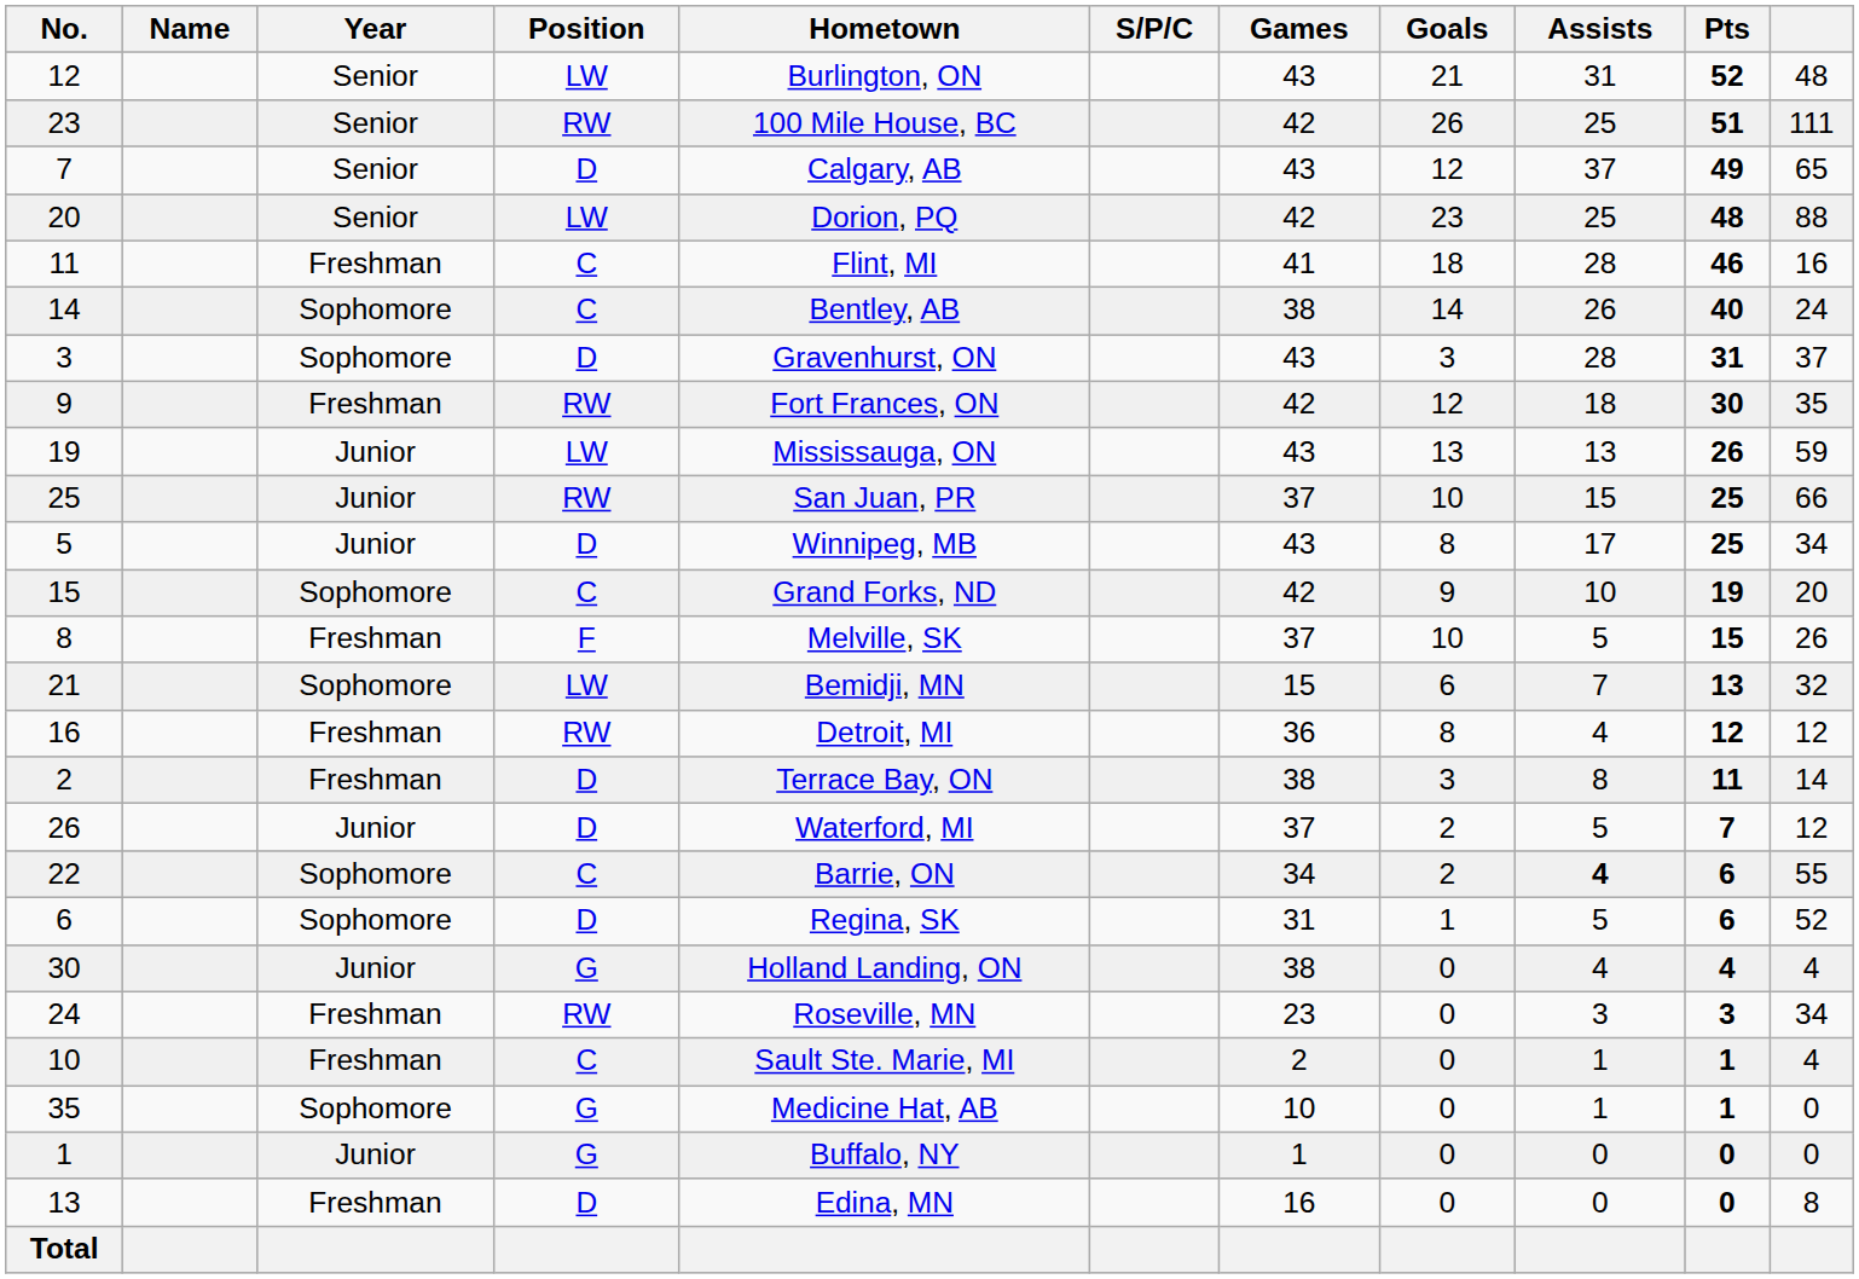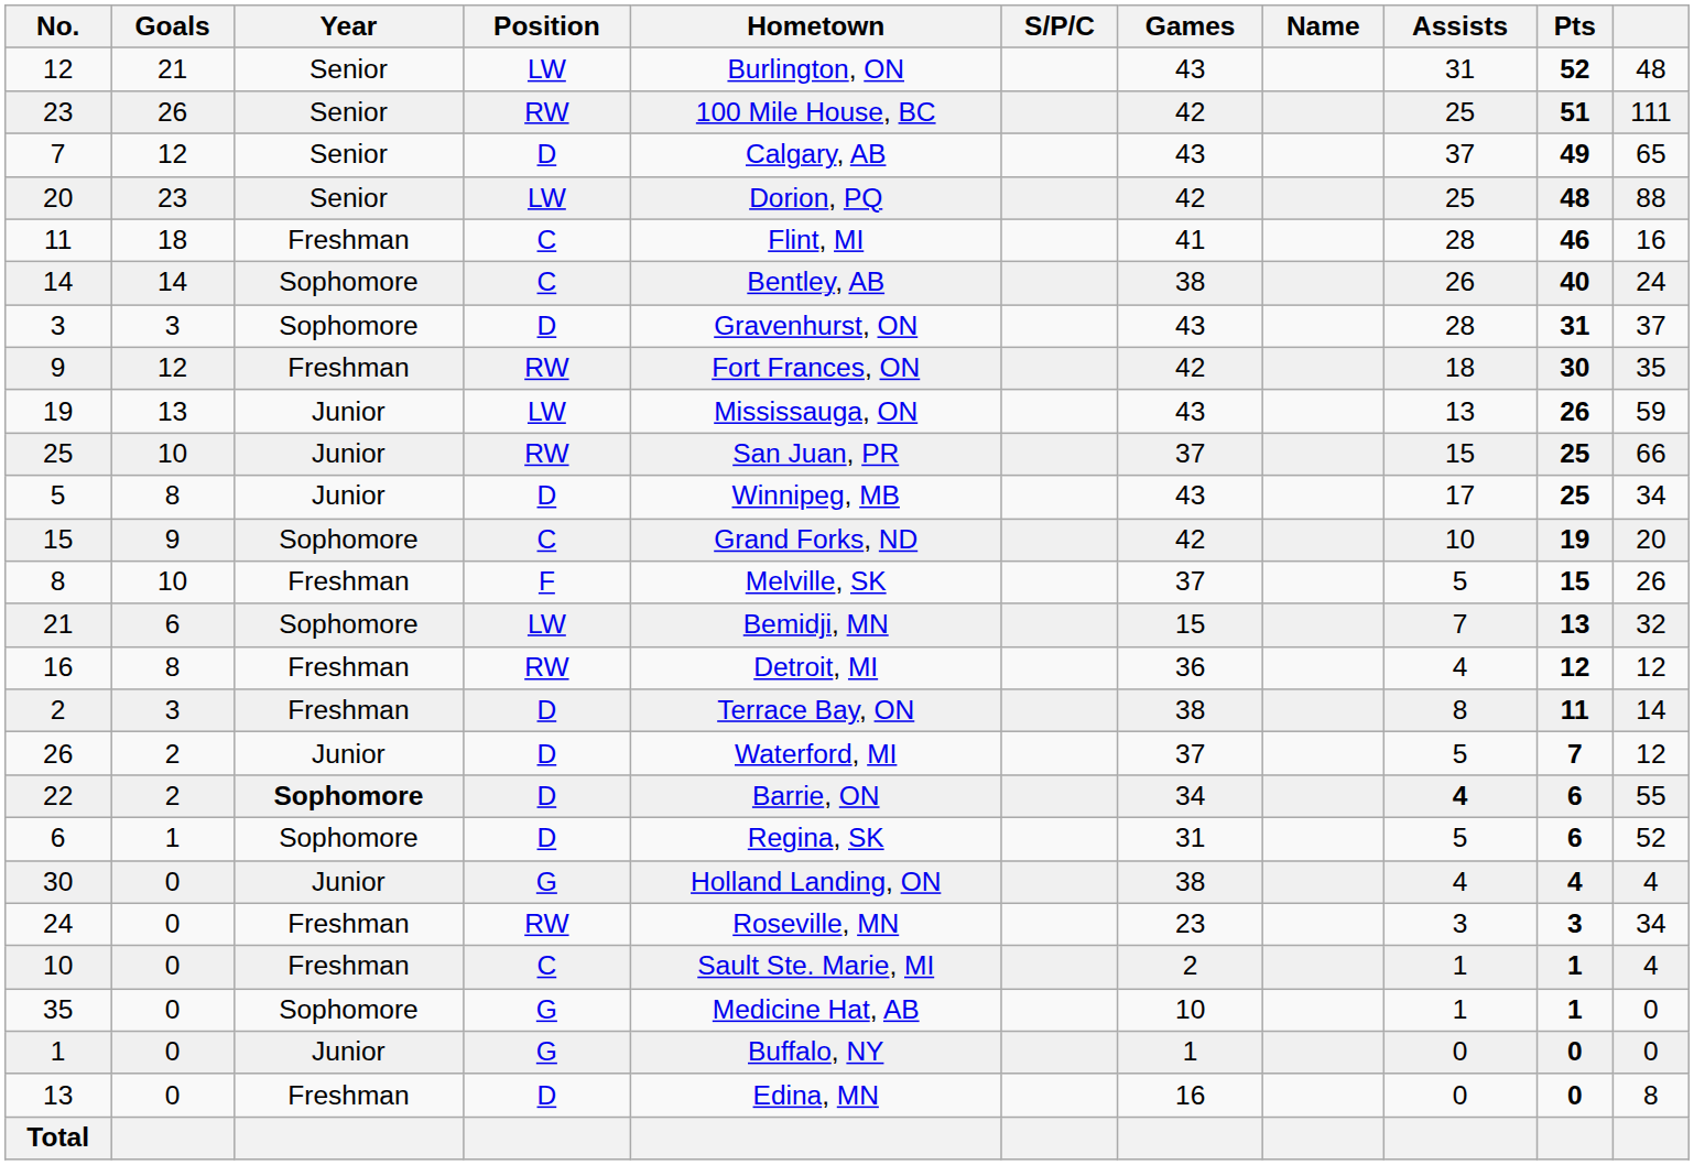 <table class="wikitable sortable" width ="1000">
 <tr align="center">
 <th><strong>No.</strong></th>
-<th><strong>Name</strong></th>
+<th><strong>Goals</strong></th>
 <th><strong>Year</strong></th>
 <th><strong>Position</strong></th>
 <th><strong>Hometown</strong></th>
 <th><strong>S/P/C</strong></th>
 <th><strong>Games</strong></th>
-<th><strong>Goals</strong></th>
+<th><strong>Name</strong></th>
 <th><strong>Assists</strong></th>
 <th><strong>Pts</strong></th>
 <th><strong><a href='#'></a></strong></th>
 </tr>
 <tr align="center" bgcolor="">
 <td>12</td>
-<td></td>
+<td>21</td>
 <td>Senior</td>
 <td><a href='#'>LW</a></td>
 <td><a href='#'>Burlington</a>, <a href='#'>ON</a></td>
 <td></td>
 <td>43</td>
-<td>21</td>
+<td></td>
 <td>31</td>
 <td><strong>52</strong></td>
 <td>48</td>
 </tr>
 <tr align="center" bgcolor="#f0f0f0">
 <td>23</td>
-<td></td>
+<td>26</td>
 <td>Senior</td>
 <td><a href='#'>RW</a></td>
 <td><a href='#'>100 Mile House</a>, <a href='#'>BC</a></td>
 <td></td>
 <td>42</td>
-<td>26</td>
+<td></td>
 <td>25</td>
 <td><strong>51</strong></td>
 <td>111</td>
 </tr>
 <tr align="center">
 <td>7</td>
-<td></td>
+<td>12</td>
 <td>Senior</td>
 <td><a href='#'>D</a></td>
 <td><a href='#'>Calgary</a>, <a href='#'>AB</a></td>
 <td></td>
 <td>43</td>
-<td>12</td>
+<td></td>
 <td>37</td>
 <td><strong>49</strong></td>
 <td>65</td>
 </tr>
 <tr align="center" bgcolor="#f0f0f0">
 <td>20</td>
-<td></td>
+<td>23</td>
 <td>Senior</td>
 <td><a href='#'>LW</a></td>
 <td><a href='#'>Dorion</a>, <a href='#'>PQ</a></td>
 <td></td>
 <td>42</td>
-<td>23</td>
+<td></td>
 <td>25</td>
 <td><strong>48</strong></td>
 <td>88</td>
 </tr>
 <tr align="center">
 <td>11</td>
-<td></td>
+<td>18</td>
 <td>Freshman</td>
 <td><a href='#'>C</a></td>
 <td><a href='#'>Flint</a>, <a href='#'>MI</a></td>
 <td></td>
 <td>41</td>
-<td>18</td>
+<td></td>
 <td>28</td>
 <td><strong>46</strong></td>
 <td>16</td>
 </tr>
 <tr align="center" bgcolor="#f0f0f0">
 <td>14</td>
-<td></td>
+<td>14</td>
 <td>Sophomore</td>
 <td><a href='#'>C</a></td>
 <td><a href='#'>Bentley</a>, <a href='#'>AB</a></td>
 <td></td>
 <td>38</td>
-<td>14</td>
+<td></td>
 <td>26</td>
 <td><strong>40</strong></td>
 <td>24</td>
 </tr>
 <tr align="center">
 <td>3</td>
-<td></td>
+<td>3</td>
 <td>Sophomore</td>
 <td><a href='#'>D</a></td>
 <td><a href='#'>Gravenhurst</a>, <a href='#'>ON</a></td>
 <td></td>
 <td>43</td>
-<td>3</td>
+<td></td>
 <td>28</td>
 <td><strong>31</strong></td>
 <td>37</td>
 </tr>
 <tr align="center" bgcolor="#f0f0f0">
 <td>9</td>
-<td></td>
+<td>12</td>
 <td>Freshman</td>
 <td><a href='#'>RW</a></td>
 <td><a href='#'>Fort Frances</a>, <a href='#'>ON</a></td>
 <td></td>
 <td>42</td>
-<td>12</td>
+<td></td>
 <td>18</td>
 <td><strong>30</strong></td>
 <td>35</td>
 </tr>
 <tr align="center">
 <td>19</td>
-<td></td>
+<td>13</td>
 <td>Junior</td>
 <td><a href='#'>LW</a></td>
 <td><a href='#'>Mississauga</a>, <a href='#'>ON</a></td>
 <td></td>
 <td>43</td>
-<td>13</td>
+<td></td>
 <td>13</td>
 <td><strong>26</strong></td>
 <td>59</td>
 </tr>
 <tr align="center" bgcolor="#f0f0f0">
 <td>25</td>
-<td></td>
+<td>10</td>
 <td>Junior</td>
 <td><a href='#'>RW</a></td>
 <td><a href='#'>San Juan</a>, <a href='#'>PR</a></td>
 <td></td>
 <td>37</td>
-<td>10</td>
+<td></td>
 <td>15</td>
 <td><strong>25</strong></td>
 <td>66</td>
 </tr>
 <tr align="center">
 <td>5</td>
-<td></td>
+<td>8</td>
 <td>Junior</td>
 <td><a href='#'>D</a></td>
 <td><a href='#'>Winnipeg</a>, <a href='#'>MB</a></td>
 <td></td>
 <td>43</td>
-<td>8</td>
+<td></td>
 <td>17</td>
 <td><strong>25</strong></td>
 <td>34</td>
 </tr>
 <tr align="center" bgcolor="#f0f0f0">
 <td>15</td>
-<td></td>
+<td>9</td>
 <td>Sophomore</td>
 <td><a href='#'>C</a></td>
 <td><a href='#'>Grand Forks</a>, <a href='#'>ND</a></td>
 <td></td>
 <td>42</td>
-<td>9</td>
+<td></td>
 <td>10</td>
 <td><strong>19</strong></td>
 <td>20</td>
 </tr>
 <tr align="center">
 <td>8</td>
-<td></td>
+<td>10</td>
 <td>Freshman</td>
 <td><a href='#'>F</a></td>
 <td><a href='#'>Melville</a>, <a href='#'>SK</a></td>
 <td></td>
 <td>37</td>
-<td>10</td>
+<td></td>
 <td>5</td>
 <td><strong>15</strong></td>
 <td>26</td>
 </tr>
 <tr align="center" bgcolor="#f0f0f0">
 <td>21</td>
-<td></td>
+<td>6</td>
 <td>Sophomore</td>
 <td><a href='#'>LW</a></td>
 <td><a href='#'>Bemidji</a>, <a href='#'>MN</a></td>
 <td></td>
 <td>15</td>
-<td>6</td>
+<td></td>
 <td>7</td>
 <td><strong>13</strong></td>
 <td>32</td>
 </tr>
 <tr align="center">
 <td>16</td>
-<td></td>
+<td>8</td>
 <td>Freshman</td>
 <td><a href='#'>RW</a></td>
 <td><a href='#'>Detroit</a>, <a href='#'>MI</a></td>
 <td></td>
 <td>36</td>
-<td>8</td>
+<td></td>
 <td>4</td>
 <td><strong>12</strong></td>
 <td>12</td>
 </tr>
 <tr align="center" bgcolor="#f0f0f0">
 <td>2</td>
-<td></td>
+<td>3</td>
 <td>Freshman</td>
 <td><a href='#'>D</a></td>
 <td><a href='#'>Terrace Bay</a>, <a href='#'>ON</a></td>
 <td></td>
 <td>38</td>
-<td>3</td>
+<td></td>
 <td>8</td>
 <td><strong>11</strong></td>
 <td>14</td>
 </tr>
 <tr align="center">
 <td>26</td>
-<td></td>
+<td>2</td>
 <td>Junior</td>
 <td><a href='#'>D</a></td>
 <td><a href='#'>Waterford</a>, <a href='#'>MI</a></td>
 <td></td>
 <td>37</td>
-<td>2</td>
+<td></td>
 <td>5</td>
 <td><strong>7</strong></td>
 <td>12</td>
 </tr>
 <tr align="center" bgcolor="#f0f0f0">
 <td>22</td>
-<td></td>
-<td>Sophomore</td>
-<td><a href='#'>C</a></td>
+<td>2</td>
+<td><strong>Sophomore</strong></td>
+<td><a href='#'>D</a></td>
 <td><a href='#'>Barrie</a>, <a href='#'>ON</a></td>
 <td></td>
 <td>34</td>
-<td>2</td>
+<td></td>
 <td><strong>4</strong></td>
 <td><strong>6</strong></td>
 <td>55</td>
 </tr>
 <tr align="center">
 <td>6</td>
-<td></td>
+<td>1</td>
 <td>Sophomore</td>
 <td><a href='#'>D</a></td>
 <td><a href='#'>Regina</a>, <a href='#'>SK</a></td>
 <td></td>
 <td>31</td>
-<td>1</td>
+<td></td>
 <td>5</td>
 <td><strong>6</strong></td>
 <td>52</td>
 </tr>
 <tr align="center" bgcolor="#f0f0f0">
 <td>30</td>
-<td></td>
+<td>0</td>
 <td>Junior</td>
 <td><a href='#'>G</a></td>
 <td><a href='#'>Holland Landing</a>, <a href='#'>ON</a></td>
 <td></td>
 <td>38</td>
-<td>0</td>
+<td></td>
 <td>4</td>
 <td><strong>4</strong></td>
 <td>4</td>
 </tr>
 <tr align="center">
 <td>24</td>
-<td></td>
+<td>0</td>
 <td>Freshman</td>
 <td><a href='#'>RW</a></td>
 <td><a href='#'>Roseville</a>, <a href='#'>MN</a></td>
 <td></td>
 <td>23</td>
-<td>0</td>
+<td></td>
 <td>3</td>
 <td><strong>3</strong></td>
 <td>34</td>
 </tr>
 <tr align="center" bgcolor="#f0f0f0">
 <td>10</td>
-<td></td>
+<td>0</td>
 <td>Freshman</td>
 <td><a href='#'>C</a></td>
 <td><a href='#'>Sault Ste. Marie</a>, <a href='#'>MI</a></td>
 <td></td>
 <td>2</td>
-<td>0</td>
+<td></td>
 <td>1</td>
 <td><strong>1</strong></td>
 <td>4</td>
 </tr>
 <tr align="center">
 <td>35</td>
-<td></td>
+<td>0</td>
 <td>Sophomore</td>
 <td><a href='#'>G</a></td>
 <td><a href='#'>Medicine Hat</a>, <a href='#'>AB</a></td>
 <td></td>
 <td>10</td>
-<td>0</td>
+<td></td>
 <td>1</td>
 <td><strong>1</strong></td>
 <td>0</td>
 </tr>
 <tr align="center" bgcolor="#f0f0f0">
 <td>1</td>
-<td></td>
+<td>0</td>
 <td>Junior</td>
 <td><a href='#'>G</a></td>
 <td><a href='#'>Buffalo</a>, <a href='#'>NY</a></td>
 <td></td>
 <td>1</td>
-<td>0</td>
+<td></td>
 <td>0</td>
 <td><strong>0</strong></td>
 <td>0</td>
 </tr>
 <tr align="center">
 <td>13</td>
-<td></td>
+<td>0</td>
 <td>Freshman</td>
 <td><a href='#'>D</a></td>
 <td><a href='#'>Edina</a>, <a href='#'>MN</a></td>
 <td></td>
 <td>16</td>
-<td>0</td>
+<td></td>
 <td>0</td>
 <td><strong>0</strong></td>
 <td>8</td>
 </tr>
 <tr>
 <th>Total</th>
 <th></th>
 <th></th>
 <th></th>
 <th></th>
 <th></th>
 <th></th>
 <th></th>
 <th></th>
 <th></th>
 <th></th>
 </tr>
 </table>
